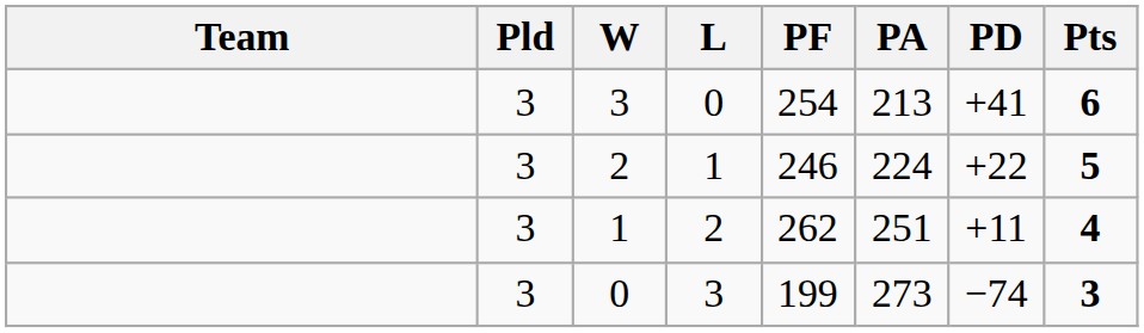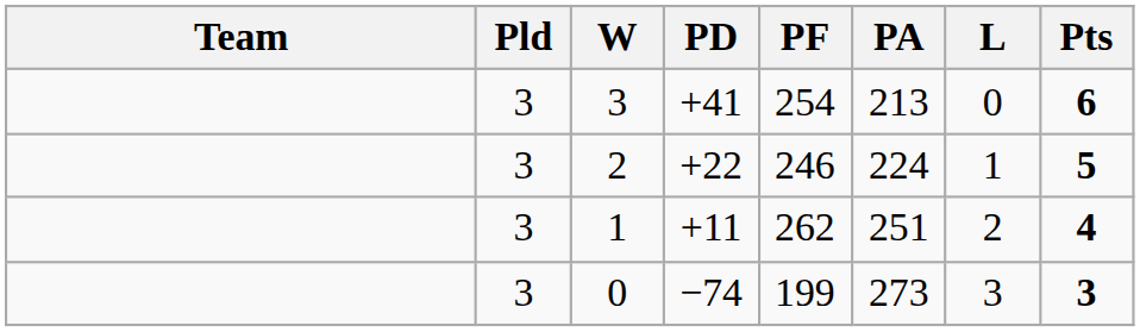 <table class=wikitable style="text-align:center">
 <tr>
 <th width=180>Team</th>
 <th width=30>Pld</th>
 <th width=30>W</th>
-<th width=30>L</th>
+<th width=30>PD</th>
 <th width=30>PF</th>
 <th width=30>PA</th>
-<th width=30>PD</th>
+<th width=30>L</th>
 <th width=30>Pts</th>
 </tr>
 <tr>
 <td align="left"></td>
 <td>3</td>
 <td>3</td>
-<td>0</td>
+<td>+41</td>
 <td>254</td>
 <td>213</td>
-<td>+41</td>
+<td>0</td>
 <td><strong>6</strong></td>
 </tr>
 <tr>
 <td align="left"></td>
 <td>3</td>
 <td>2</td>
-<td>1</td>
+<td>+22</td>
 <td>246</td>
 <td>224</td>
-<td>+22</td>
+<td>1</td>
 <td><strong>5</strong></td>
 </tr>
 <tr>
 <td align="left"></td>
 <td>3</td>
 <td>1</td>
-<td>2</td>
+<td>+11</td>
 <td>262</td>
 <td>251</td>
-<td>+11</td>
+<td>2</td>
 <td><strong>4</strong></td>
 </tr>
 <tr>
 <td align="left"></td>
 <td>3</td>
 <td>0</td>
-<td>3</td>
+<td>−74</td>
 <td>199</td>
 <td>273</td>
-<td>−74</td>
+<td>3</td>
 <td><strong>3</strong></td>
 </tr>
 </table>
